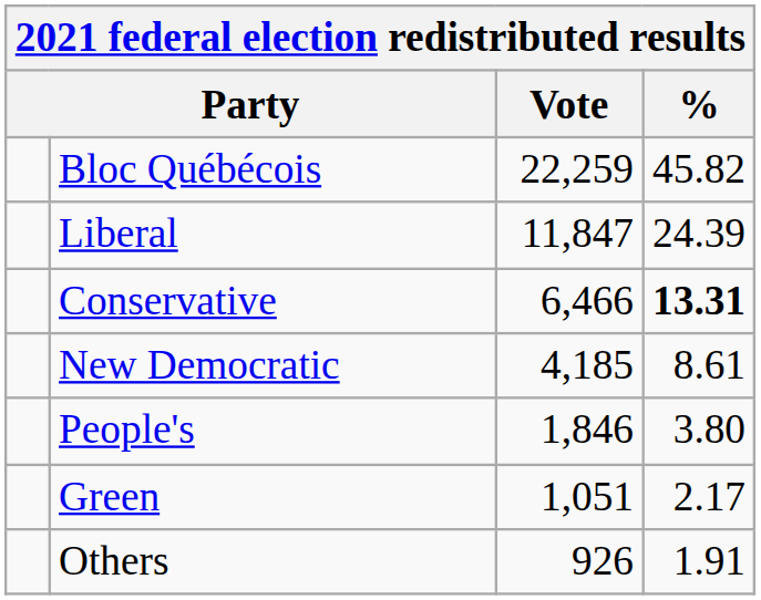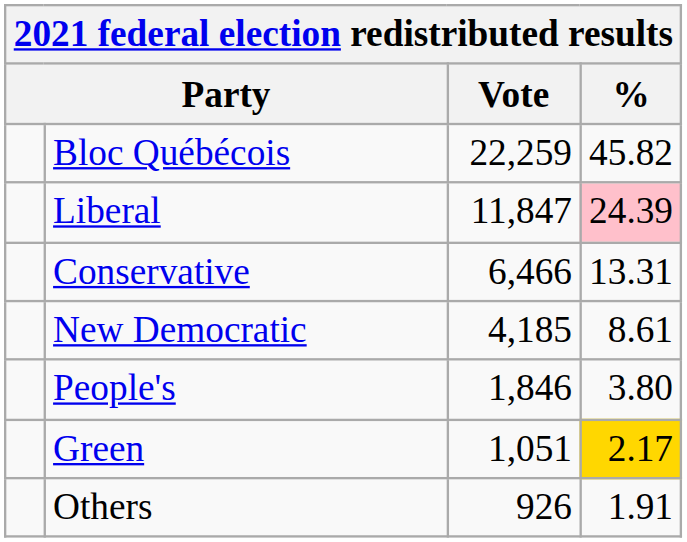 <table class="wikitable">
 <tr>
 <th colspan="4"><a href='#'>2021 federal election</a> redistributed results</th>
 </tr>
 <tr>
 <th bgcolor="#DDDDFF" width="130px" colspan="2">Party</th>
 <th bgcolor="#DDDDFF" width="50px">Vote</th>
 <th bgcolor="#DDDDFF" width="30px">%</th>
 </tr>
 <tr>
 <td> </td>
 <td><a href='#'>Bloc Québécois</a></td>
 <td align=right>22,259</td>
 <td align=right>45.82</td>
 </tr>
 <tr>
 <td> </td>
 <td><a href='#'>Liberal</a></td>
 <td align=right>11,847</td>
-<td align=right>24.39</td>
+<td align=right style="background: pink;">24.39</td>
 </tr>
 <tr>
 <td> </td>
 <td><a href='#'>Conservative</a></td>
 <td align=right>6,466</td>
-<td align=right><strong>13.31</strong></td>
+<td align=right>13.31</td>
 </tr>
 <tr>
 <td> </td>
 <td><a href='#'>New Democratic</a></td>
 <td align=right>4,185</td>
 <td align=right>8.61</td>
 </tr>
 <tr>
 <td> </td>
 <td><a href='#'>People's</a></td>
 <td align=right>1,846</td>
 <td align=right>3.80</td>
 </tr>
 <tr>
 <td> </td>
 <td><a href='#'>Green</a></td>
 <td align=right>1,051</td>
-<td align=right>2.17</td>
+<td align=right style="background: gold;">2.17</td>
 </tr>
 <tr>
 <td> </td>
 <td>Others</td>
 <td align=right>926</td>
 <td align=right>1.91</td>
 </tr>
 </table>
